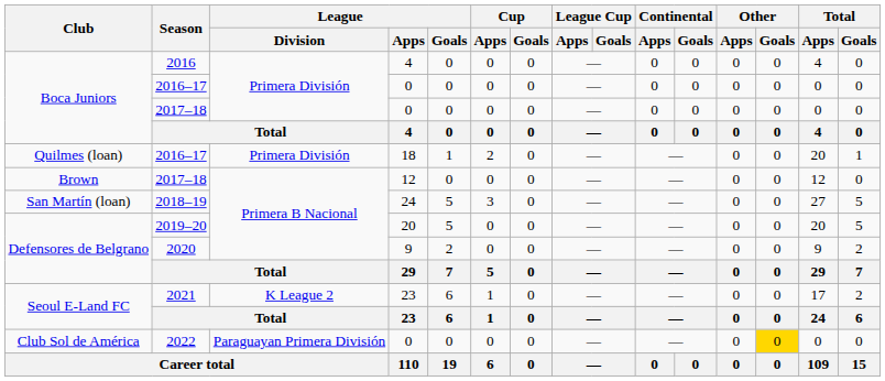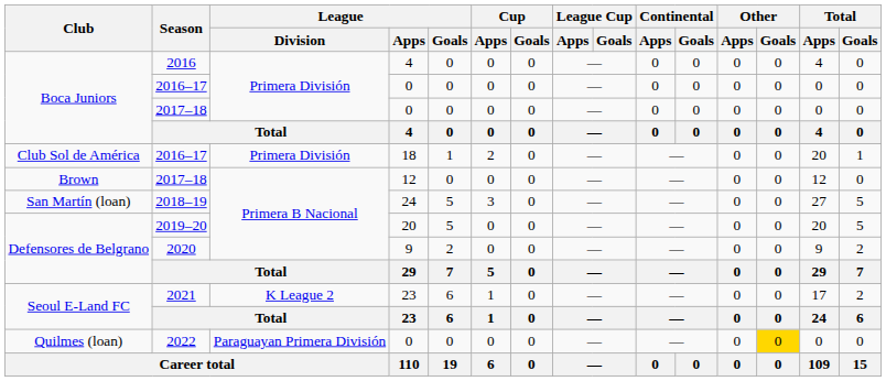 <table class="wikitable" style="text-align:center">
 <tr>
 <th rowspan="2">Club</th>
 <th rowspan="2">Season</th>
 <th colspan="3">League</th>
 <th colspan="2">Cup</th>
 <th colspan="2">League Cup</th>
 <th colspan="2">Continental</th>
 <th colspan="2">Other</th>
 <th colspan="2">Total</th>
 </tr>
 <tr>
 <th>Division</th>
 <th>Apps</th>
 <th>Goals</th>
 <th>Apps</th>
 <th>Goals</th>
 <th>Apps</th>
 <th>Goals</th>
 <th>Apps</th>
 <th>Goals</th>
 <th>Apps</th>
 <th>Goals</th>
 <th>Apps</th>
 <th>Goals</th>
 </tr>
 <tr>
 <td rowspan="4"><a href='#'>Boca Juniors</a></td>
 <td><a href='#'>2016</a></td>
 <td rowspan="3"><a href='#'>Primera División</a></td>
 <td>4</td>
 <td>0</td>
 <td>0</td>
 <td>0</td>
 <td colspan="2">—</td>
 <td>0</td>
 <td>0</td>
 <td>0</td>
 <td>0</td>
 <td>4</td>
 <td>0</td>
 </tr>
 <tr>
 <td><a href='#'>2016–17</a></td>
 <td>0</td>
 <td>0</td>
 <td>0</td>
 <td>0</td>
 <td colspan="2">—</td>
 <td>0</td>
 <td>0</td>
 <td>0</td>
 <td>0</td>
 <td>0</td>
 <td>0</td>
 </tr>
 <tr>
 <td><a href='#'>2017–18</a></td>
 <td>0</td>
 <td>0</td>
 <td>0</td>
 <td>0</td>
 <td colspan="2">—</td>
 <td>0</td>
 <td>0</td>
 <td>0</td>
 <td>0</td>
 <td>0</td>
 <td>0</td>
 </tr>
 <tr>
 <th colspan="2">Total</th>
 <th>4</th>
 <th>0</th>
 <th>0</th>
 <th>0</th>
 <th colspan="2">—</th>
 <th>0</th>
 <th>0</th>
 <th>0</th>
 <th>0</th>
 <th>4</th>
 <th>0</th>
 </tr>
 <tr>
-<td rowspan="1"><a href='#'>Quilmes</a> (loan)</td>
+<td rowspan="1"><a href='#'>Club Sol de América</a></td>
 <td><a href='#'>2016–17</a></td>
 <td rowspan="1"><a href='#'>Primera División</a></td>
 <td>18</td>
 <td>1</td>
 <td>2</td>
 <td>0</td>
 <td colspan="2">—</td>
 <td colspan="2">—</td>
 <td>0</td>
 <td>0</td>
 <td>20</td>
 <td>1</td>
 </tr>
 <tr>
 <td rowspan="1"><a href='#'>Brown</a></td>
 <td><a href='#'>2017–18</a></td>
 <td rowspan="4"><a href='#'>Primera B Nacional</a></td>
 <td>12</td>
 <td>0</td>
 <td>0</td>
 <td>0</td>
 <td colspan="2">—</td>
 <td colspan="2">—</td>
 <td>0</td>
 <td>0</td>
 <td>12</td>
 <td>0</td>
 </tr>
 <tr>
 <td rowspan="1"><a href='#'>San Martín</a> (loan)</td>
 <td><a href='#'>2018–19</a></td>
 <td>24</td>
 <td>5</td>
 <td>3</td>
 <td>0</td>
 <td colspan="2">—</td>
 <td colspan="2">—</td>
 <td>0</td>
 <td>0</td>
 <td>27</td>
 <td>5</td>
 </tr>
 <tr>
 <td rowspan="3"><a href='#'>Defensores de Belgrano</a></td>
 <td><a href='#'>2019–20</a></td>
 <td>20</td>
 <td>5</td>
 <td>0</td>
 <td>0</td>
 <td colspan="2">—</td>
 <td colspan="2">—</td>
 <td>0</td>
 <td>0</td>
 <td>20</td>
 <td>5</td>
 </tr>
 <tr>
 <td><a href='#'>2020</a></td>
 <td>9</td>
 <td>2</td>
 <td>0</td>
 <td>0</td>
 <td colspan="2">—</td>
 <td colspan="2">—</td>
 <td>0</td>
 <td>0</td>
 <td>9</td>
 <td>2</td>
 </tr>
 <tr>
 <th colspan="2">Total</th>
 <th>29</th>
 <th>7</th>
 <th>5</th>
 <th>0</th>
 <th colspan="2">—</th>
 <th colspan="2">—</th>
 <th>0</th>
 <th>0</th>
 <th>29</th>
 <th>7</th>
 </tr>
 <tr>
 <td rowspan="2"><a href='#'>Seoul E-Land FC</a></td>
 <td><a href='#'>2021</a></td>
 <td rowspan="1"><a href='#'>K League 2</a></td>
 <td>23</td>
 <td>6</td>
 <td>1</td>
 <td>0</td>
 <td colspan="2">—</td>
 <td colspan="2">—</td>
 <td>0</td>
 <td>0</td>
 <td>17</td>
 <td>2</td>
 </tr>
 <tr>
 <th colspan="2">Total</th>
 <th>23</th>
 <th>6</th>
 <th>1</th>
 <th>0</th>
 <th colspan="2">—</th>
 <th colspan="2">—</th>
 <th>0</th>
 <th>0</th>
 <th>24</th>
 <th>6</th>
 </tr>
 <tr>
-<td rowspan="1"><a href='#'>Club Sol de América</a></td>
+<td rowspan="1"><a href='#'>Quilmes</a> (loan)</td>
 <td><a href='#'>2022</a></td>
 <td rowspan="1"><a href='#'>Paraguayan Primera División</a></td>
 <td>0</td>
 <td>0</td>
 <td>0</td>
 <td>0</td>
 <td colspan="2">—</td>
 <td colspan="2">—</td>
 <td>0</td>
 <td style="background: gold;">0</td>
 <td>0</td>
 <td>0</td>
 </tr>
 <tr>
 <th colspan="3">Career total</th>
 <th>110</th>
 <th>19</th>
 <th>6</th>
 <th>0</th>
 <th colspan="2">—</th>
 <th>0</th>
 <th>0</th>
 <th>0</th>
 <th>0</th>
 <th>109</th>
 <th>15</th>
 </tr>
 </table>
